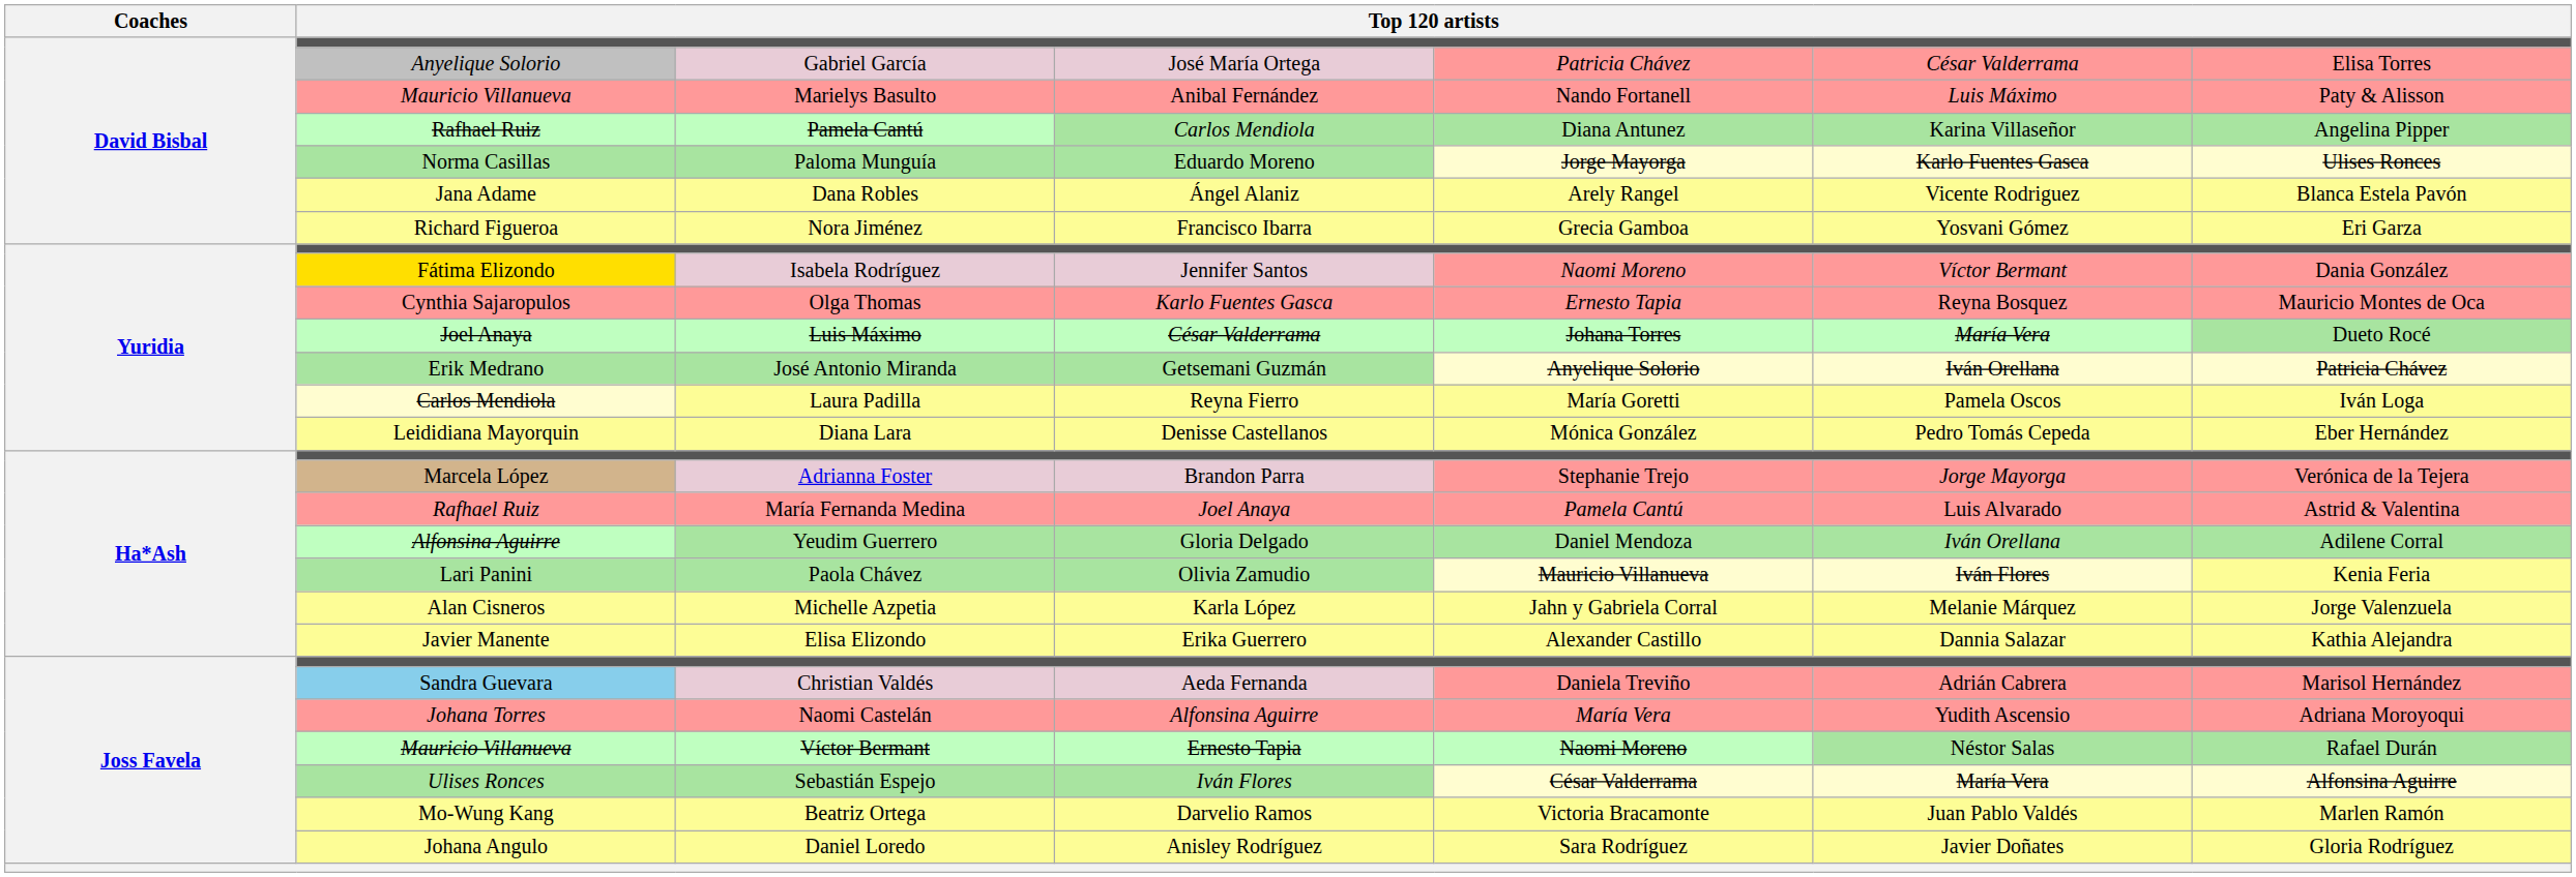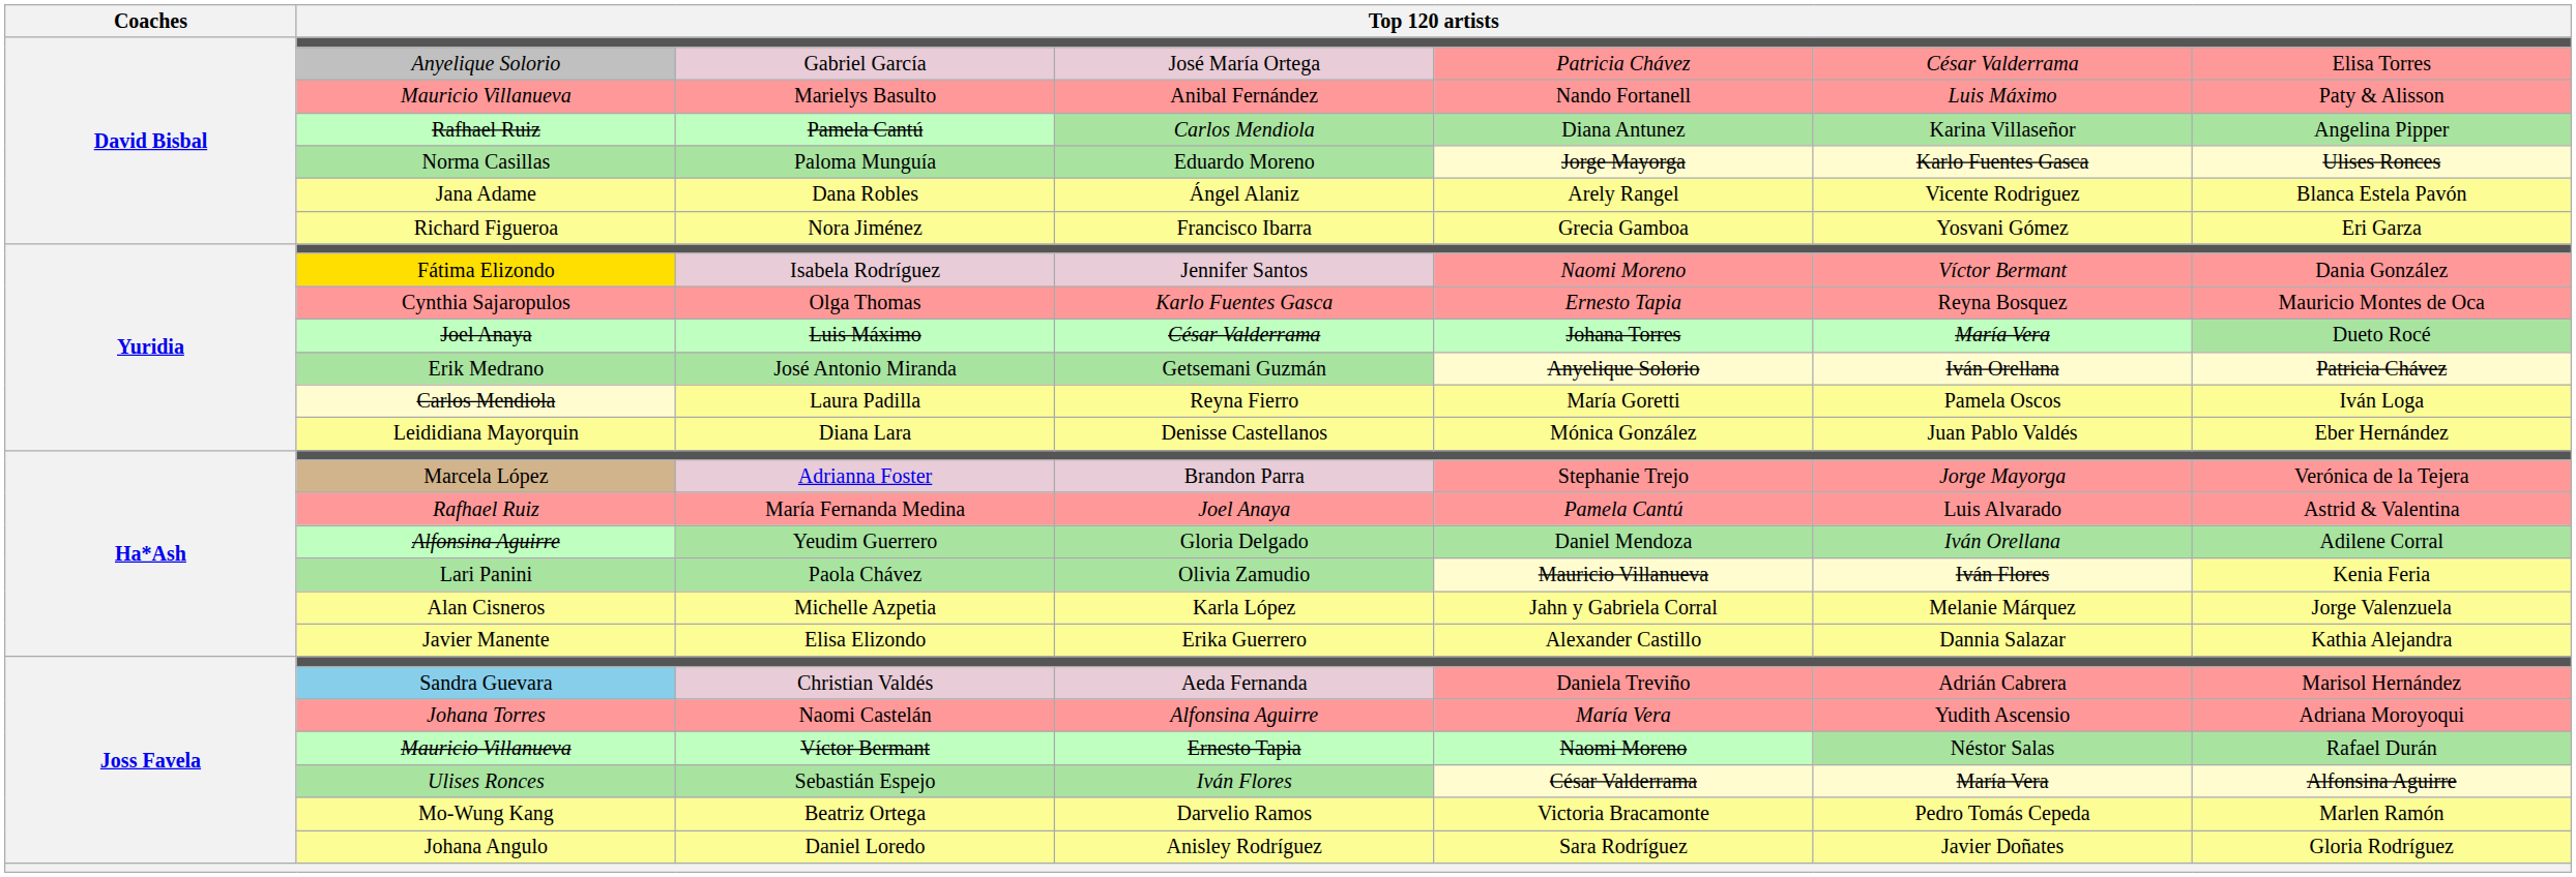 <table class="wikitable" style="text-align:center; line-height:18px; width:100%">
 <tr>
 <th scope="col" style="width:10%">Coaches</th>
 <th scope="col" style="width:90%" colspan="6">Top 120 artists</th>
 </tr>
 <tr>
 <th rowspan="7"><a href='#'>David Bisbal</a></th>
 <td colspan="7" style="background:#555"></td>
 </tr>
 <tr>
 <td style="width:13%; background:silver"><em>Anyelique Solorio</em></td>
 <td style="width:13%; background:#E8CCD7">Gabriel García</td>
 <td style="width:13%; background:#E8CCD7">José María Ortega</td>
 <td style="width:13%; background:#FF9999"><em>Patricia Chávez</em></td>
 <td style="width:13%; background:#FF9999"><em>César Valderrama</em></td>
 <td style="width:13%; background:#FF9999">Elisa Torres</td>
 </tr>
 <tr>
 <td style="background:#FF9999"><em>Mauricio Villanueva</em></td>
 <td style="background:#FF9999">Marielys Basulto</td>
 <td style="background:#FF9999">Anibal Fernández</td>
 <td style="background:#FF9999">Nando Fortanell</td>
 <td style="background:#FF9999"><em>Luis Máximo</em></td>
 <td style="background:#FF9999">Paty & Alisson</td>
 </tr>
 <tr>
 <td style="background:#BFFFC0"><s>Rafhael Ruiz</s></td>
 <td style="background:#BFFFC0"><s>Pamela Cantú</s></td>
 <td style="background:#A8E4A0"><em>Carlos Mendiola</em></td>
 <td style="background:#A8E4A0">Diana Antunez</td>
 <td style="background:#A8E4A0">Karina Villaseñor</td>
 <td style="background:#A8E4A0">Angelina Pipper</td>
 </tr>
 <tr>
 <td style="background:#A8E4A0">Norma Casillas</td>
 <td style="background:#A8E4A0">Paloma Munguía</td>
 <td style="background:#A8E4A0">Eduardo Moreno</td>
 <td style="background:#FFFDD0"><s>Jorge Mayorga</s></td>
 <td style="background:#FFFDD0"><s>Karlo Fuentes Gasca</s></td>
 <td style="background:#FFFDD0"><s>Ulises Ronces</s></td>
 </tr>
 <tr>
 <td style="background:#FDFD96">Jana Adame</td>
 <td style="background:#FDFD96">Dana Robles</td>
 <td style="background:#FDFD96">Ángel Alaniz</td>
 <td style="background:#FDFD96">Arely Rangel</td>
 <td style="background:#FDFD96">Vicente Rodriguez</td>
 <td style="background:#FDFD96">Blanca Estela Pavón</td>
 </tr>
 <tr>
 <td style="background:#FDFD96">Richard Figueroa</td>
 <td style="background:#FDFD96">Nora Jiménez</td>
 <td style="background:#FDFD96">Francisco Ibarra</td>
 <td style="background:#FDFD96">Grecia Gamboa</td>
 <td style="background:#FDFD96">Yosvani Gómez</td>
 <td style="background:#FDFD96">Eri Garza</td>
 </tr>
 <tr>
 <th rowspan="7"><a href='#'>Yuridia</a></th>
 <td colspan="6" style="background:#555"></td>
 </tr>
 <tr>
 <td style="background:#FFDF00">Fátima Elizondo</td>
 <td style="background:#E8CCD7">Isabela Rodríguez</td>
 <td style="background:#E8CCD7">Jennifer Santos</td>
 <td style="background:#FF9999"><em>Naomi Moreno</em></td>
 <td style="background:#FF9999"><em>Víctor Bermant</em></td>
 <td style="background:#FF9999">Dania González</td>
 </tr>
 <tr>
 <td style="background:#FF9999">Cynthia Sajaropulos</td>
 <td style="background:#FF9999">Olga Thomas</td>
 <td style="background:#FF9999"><em>Karlo Fuentes Gasca</em></td>
 <td style="background:#FF9999"><em>Ernesto Tapia</em></td>
 <td style="background:#FF9999">Reyna Bosquez</td>
 <td style="background:#FF9999">Mauricio Montes de Oca</td>
 </tr>
 <tr>
 <td style="background:#BFFFC0"><s>Joel Anaya</s></td>
 <td style="background:#BFFFC0"><s>Luis Máximo</s></td>
 <td style="background:#BFFFC0"><s><em>César Valderrama</em></s></td>
 <td style="background:#BFFFC0"><s>Johana Torres</s></td>
 <td style="background:#BFFFC0"><s><em>María Vera</em></s></td>
 <td style="background:#A8E4A0">Dueto Rocé</td>
 </tr>
 <tr>
 <td style="background:#A8E4A0">Erik Medrano</td>
 <td style="background:#A8E4A0">José Antonio Miranda</td>
 <td style="background:#A8E4A0">Getsemani Guzmán</td>
 <td style="background:#FFFDD0"><s>Anyelique Solorio</s></td>
 <td style="background:#FFFDD0"><s>Iván Orellana</s></td>
 <td style="background:#FFFDD0"><s>Patricia Chávez</s></td>
 </tr>
 <tr>
 <td style="background:#FFFDD0"><s>Carlos Mendiola</s></td>
 <td style="background:#FDFD96">Laura Padilla</td>
 <td style="background:#FDFD96">Reyna Fierro</td>
 <td style="background:#FDFD96">María Goretti</td>
 <td style="background:#FDFD96">Pamela Oscos</td>
 <td style="background:#FDFD96">Iván Loga</td>
 </tr>
 <tr>
 <td style="background:#FDFD96">Leididiana Mayorquin</td>
 <td style="background:#FDFD96">Diana Lara</td>
 <td style="background:#FDFD96">Denisse Castellanos</td>
 <td style="background:#FDFD96">Mónica González</td>
-<td style="background:#FDFD96">Pedro Tomás Cepeda</td>
+<td style="background:#FDFD96">Juan Pablo Valdés</td>
 <td style="background:#FDFD96">Eber Hernández</td>
 </tr>
 <tr>
 <th rowspan="7"><a href='#'>Ha*Ash</a></th>
 <td colspan="6" style="background:#555"></td>
 </tr>
 <tr>
 <td style="background:tan">Marcela López</td>
 <td style="background:#E8CCD7"><a href='#'>Adrianna Foster</a></td>
 <td style="background:#E8CCD7">Brandon Parra</td>
 <td style="background:#FF9999">Stephanie Trejo</td>
 <td style="background:#FF9999"><em>Jorge Mayorga</em></td>
 <td style="background:#FF9999">Verónica de la Tejera</td>
 </tr>
 <tr>
 <td style="background:#FF9999"><em>Rafhael Ruiz</em></td>
 <td style="background:#FF9999">María Fernanda Medina</td>
 <td style="background:#FF9999"><em>Joel Anaya</em></td>
 <td style="background:#FF9999"><em>Pamela Cantú</em></td>
 <td style="background:#FF9999">Luis Alvarado</td>
 <td style="background:#FF9999">Astrid & Valentina</td>
 </tr>
 <tr>
 <td style="background:#BFFFC0"><s><em>Alfonsina Aguirre</em></s></td>
 <td style="background:#A8E4A0">Yeudim Guerrero</td>
 <td style="background:#A8E4A0">Gloria Delgado</td>
 <td style="background:#A8E4A0">Daniel Mendoza</td>
 <td style="background:#A8E4A0"><em>Iván Orellana</em></td>
 <td style="background:#A8E4A0">Adilene Corral</td>
 </tr>
 <tr>
 <td style="background:#A8E4A0">Lari Panini</td>
 <td style="background:#A8E4A0">Paola Chávez</td>
 <td style="background:#A8E4A0">Olivia Zamudio</td>
 <td style="background:#FFFDD0"><s>Mauricio Villanueva</s></td>
 <td style="background:#FFFDD0"><s>Iván Flores</s></td>
 <td style="background:#FDFD96">Kenia Feria</td>
 </tr>
 <tr>
 <td style="background:#FDFD96">Alan Cisneros</td>
 <td style="background:#FDFD96">Michelle Azpetia</td>
 <td style="background:#FDFD96">Karla López</td>
 <td style="background:#FDFD96">Jahn y Gabriela Corral</td>
 <td style="background:#FDFD96">Melanie Márquez</td>
 <td style="background:#FDFD96">Jorge Valenzuela</td>
 </tr>
 <tr>
 <td style="background:#FDFD96">Javier Manente</td>
 <td style="background:#FDFD96">Elisa Elizondo</td>
 <td style="background:#FDFD96">Erika Guerrero</td>
 <td style="background:#FDFD96">Alexander Castillo</td>
 <td style="background:#FDFD96">Dannia Salazar</td>
 <td style="background:#FDFD96">Kathia Alejandra</td>
 </tr>
 <tr>
 <th rowspan="7"><a href='#'>Joss Favela</a></th>
 <td colspan="6" style="background:#555"></td>
 </tr>
 <tr>
 <td style="background:skyblue">Sandra Guevara</td>
 <td style="background:#E8CCD7">Christian Valdés</td>
 <td style="background:#E8CCD7">Aeda Fernanda</td>
 <td style="background:#FF9999">Daniela Treviño</td>
 <td style="background:#FF9999">Adrián Cabrera</td>
 <td style="background:#FF9999">Marisol Hernández</td>
 </tr>
 <tr>
 <td style="background:#FF9999"><em>Johana Torres</em></td>
 <td style="background:#FF9999">Naomi Castelán</td>
 <td style="background:#FF9999"><em>Alfonsina Aguirre</em></td>
 <td style="background:#FF9999"><em>María Vera</em></td>
 <td style="background:#FF9999">Yudith Ascensio</td>
 <td style="background:#FF9999">Adriana Moroyoqui</td>
 </tr>
 <tr>
 <td style="background:#BFFFC0"><s><em>Mauricio Villanueva</em></s></td>
 <td style="background:#BFFFC0"><s>Víctor Bermant</s></td>
 <td style="background:#BFFFC0"><s>Ernesto Tapia</s></td>
 <td style="background:#BFFFC0"><s>Naomi Moreno</s></td>
 <td style="background:#A8E4A0">Néstor Salas</td>
 <td style="background:#A8E4A0">Rafael Durán</td>
 </tr>
 <tr>
 <td style="background:#A8E4A0"><em>Ulises Ronces</em></td>
 <td style="background:#A8E4A0">Sebastián Espejo</td>
 <td style="background:#A8E4A0"><em>Iván Flores</em></td>
 <td style="background:#FFFDD0"><s>César Valderrama</s></td>
 <td style="background:#FFFDD0"><s>María Vera</s></td>
 <td style="background:#FFFDD0"><s>Alfonsina Aguirre</s></td>
 </tr>
 <tr>
 <td style="background:#FDFD96">Mo-Wung Kang</td>
 <td style="background:#FDFD96">Beatriz Ortega</td>
 <td style="background:#FDFD96">Darvelio Ramos</td>
 <td style="background:#FDFD96">Victoria Bracamonte</td>
-<td style="background:#FDFD96">Juan Pablo Valdés</td>
+<td style="background:#FDFD96">Pedro Tomás Cepeda</td>
 <td style="background:#FDFD96">Marlen Ramón</td>
 </tr>
 <tr>
 <td style="background:#FDFD96">Johana Angulo</td>
 <td style="background:#FDFD96">Daniel Loredo</td>
 <td style="background:#FDFD96">Anisley Rodríguez</td>
 <td style="background:#FDFD96">Sara Rodríguez</td>
 <td style="background:#FDFD96">Javier Doñates</td>
 <td style="background:#FDFD96">Gloria Rodríguez</td>
 </tr>
 <tr>
 <th style="font-size:95%" colspan="7"></th>
 </tr>
 </table>
